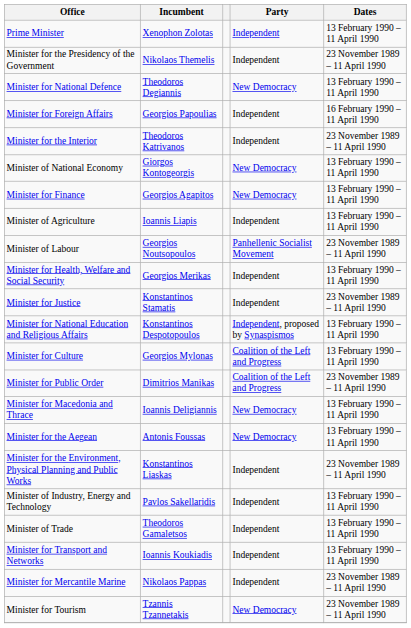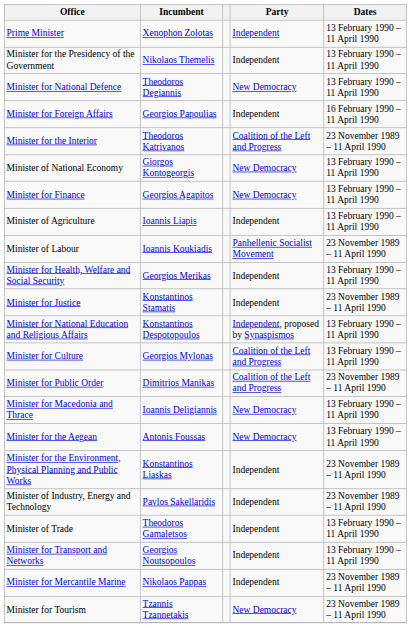 <table class="wikitable" style="font-size: 90%;">
 <tr>
 <th>Office</th>
 <th>Incumbent</th>
 <th></th>
 <th>Party</th>
 <th>Dates</th>
 </tr>
 <tr>
 <td><a href='#'>Prime Minister</a></td>
 <td><a href='#'>Xenophon Zolotas</a></td>
 <td width=5px style="background-color: "></td>
 <td><a href='#'>Independent</a></td>
 <td>13 February 1990 – 11 April 1990</td>
 </tr>
 <tr>
 <td>Minister for the Presidency of the Government</td>
 <td><a href='#'>Nikolaos Themelis</a></td>
 <td style="background-color: "></td>
 <td>Independent</td>
-<td>23 November 1989 – 11 April 1990</td>
+<td>13 February 1990 – 11 April 1990</td>
 </tr>
 <tr>
 <td><a href='#'>Minister for National Defence</a></td>
 <td><a href='#'>Theodoros Degiannis</a></td>
 <td style="background-color: "></td>
 <td><a href='#'>New Democracy</a></td>
 <td>13 February 1990 – 11 April 1990</td>
 </tr>
 <tr>
 <td><a href='#'>Minister for Foreign Affairs</a></td>
 <td><a href='#'>Georgios Papoulias</a></td>
 <td style="background-color: "></td>
 <td>Independent</td>
 <td>16 February 1990 – 11 April 1990</td>
 </tr>
 <tr>
 <td><a href='#'>Minister for the Interior</a></td>
 <td><a href='#'>Theodoros Katrivanos</a></td>
 <td style="background-color: "></td>
-<td>Independent</td>
+<td><a href='#'>Coalition of the Left and Progress</a></td>
 <td>23 November 1989 – 11 April 1990</td>
 </tr>
 <tr>
 <td>Minister of National Economy</td>
 <td><a href='#'>Giorgos Kontogeorgis</a></td>
 <td style="background-color: "></td>
 <td><a href='#'>New Democracy</a></td>
 <td>13 February 1990 – 11 April 1990</td>
 </tr>
 <tr>
 <td><a href='#'>Minister for Finance</a></td>
 <td><a href='#'>Georgios Agapitos</a></td>
 <td style="background-color: "></td>
 <td><a href='#'>New Democracy</a></td>
 <td>13 February 1990 – 11 April 1990</td>
 </tr>
 <tr>
 <td>Minister of Agriculture</td>
 <td><a href='#'>Ioannis Liapis</a></td>
 <td style="background-color: "></td>
 <td>Independent</td>
 <td>13 February 1990 – 11 April 1990</td>
 </tr>
 <tr>
 <td>Minister of Labour</td>
-<td><a href='#'>Georgios Noutsopoulos</a></td>
+<td><a href='#'>Ioannis Koukiadis</a></td>
 <td style="background-color: "></td>
 <td><a href='#'>Panhellenic Socialist Movement</a></td>
 <td>23 November 1989 – 11 April 1990</td>
 </tr>
 <tr>
 <td><a href='#'>Minister for Health, Welfare and Social Security</a></td>
 <td><a href='#'>Georgios Merikas</a></td>
 <td style="background-color: "></td>
 <td>Independent</td>
 <td>13 February 1990 – 11 April 1990</td>
 </tr>
 <tr>
 <td><a href='#'>Minister for Justice</a></td>
 <td><a href='#'>Konstantinos Stamatis</a></td>
 <td style="background-color: "></td>
 <td>Independent</td>
 <td>23 November 1989 – 11 April 1990</td>
 </tr>
 <tr>
 <td><a href='#'>Minister for National Education and Religious Affairs</a></td>
 <td><a href='#'>Konstantinos Despotopoulos</a></td>
 <td style="background-color: "></td>
 <td><a href='#'>Independent</a>, proposed by <a href='#'>Synaspismos</a></td>
 <td>13 February 1990 – 11 April 1990</td>
 </tr>
 <tr>
 <td><a href='#'>Minister for Culture</a></td>
 <td><a href='#'>Georgios Mylonas</a></td>
 <td style="background-color: "></td>
 <td><a href='#'>Coalition of the Left and Progress</a></td>
 <td>13 February 1990 – 11 April 1990</td>
 </tr>
 <tr>
 <td><a href='#'>Minister for Public Order</a></td>
 <td><a href='#'>Dimitrios Manikas</a></td>
 <td style="background-color: "></td>
 <td><a href='#'>Coalition of the Left and Progress</a></td>
 <td>23 November 1989 – 11 April 1990</td>
 </tr>
 <tr>
 <td><a href='#'>Minister for Macedonia and Thrace</a></td>
 <td><a href='#'>Ioannis Deligiannis</a></td>
 <td style="background-color: "></td>
 <td><a href='#'>New Democracy</a></td>
 <td>13 February 1990 – 11 April 1990</td>
 </tr>
 <tr>
 <td><a href='#'>Minister for the Aegean</a></td>
 <td><a href='#'>Antonis Foussas</a></td>
 <td style="background-color: "></td>
 <td><a href='#'>New Democracy</a></td>
 <td>13 February 1990 – 11 April 1990</td>
 </tr>
 <tr>
 <td><a href='#'>Minister for the Environment, Physical Planning and Public Works</a></td>
 <td><a href='#'>Konstantinos Liaskas</a></td>
 <td style="background-color: "></td>
 <td>Independent</td>
 <td>23 November 1989 – 11 April 1990</td>
 </tr>
 <tr>
 <td>Minister of Industry, Energy and Technology</td>
 <td><a href='#'>Pavlos Sakellaridis</a></td>
 <td style="background-color: "></td>
 <td>Independent</td>
-<td>13 February 1990 – 11 April 1990</td>
+<td>23 November 1989 – 11 April 1990</td>
 </tr>
 <tr>
 <td>Minister of Trade</td>
 <td><a href='#'>Theodoros Gamaletsos</a></td>
 <td style="background-color: "></td>
 <td>Independent</td>
 <td>13 February 1990 – 11 April 1990</td>
 </tr>
 <tr>
 <td><a href='#'>Minister for Transport and Networks</a></td>
-<td><a href='#'>Ioannis Koukiadis</a></td>
+<td><a href='#'>Georgios Noutsopoulos</a></td>
 <td style="background-color: "></td>
 <td>Independent</td>
 <td>13 February 1990 – 11 April 1990</td>
 </tr>
 <tr>
 <td><a href='#'>Minister for Mercantile Marine</a></td>
 <td><a href='#'>Nikolaos Pappas</a></td>
 <td style="background-color: "></td>
 <td>Independent</td>
 <td>23 November 1989 – 11 April 1990</td>
 </tr>
 <tr>
 <td>Minister for Tourism</td>
 <td><a href='#'>Tzannis Tzannetakis</a></td>
 <td style="background-color: "></td>
 <td><a href='#'>New Democracy</a></td>
 <td>23 November 1989 – 11 April 1990</td>
 </tr>
 <tr>
 </tr>
 </table>
